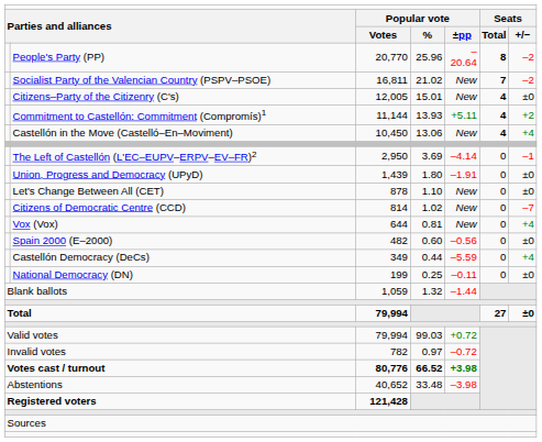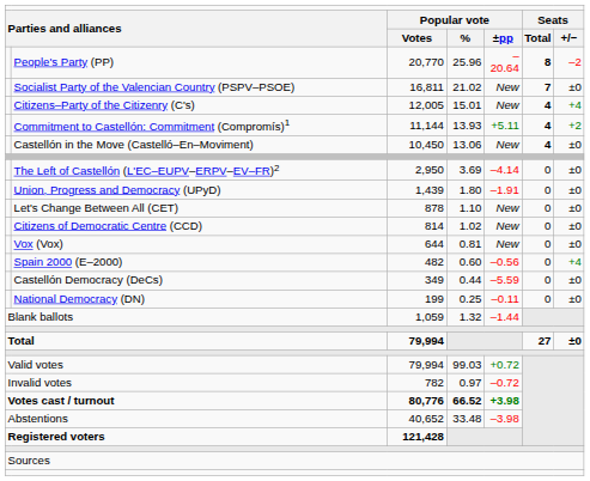 <table class="wikitable" style="text-align:right;">
 <tr>
 <td colspan="7"></td>
 </tr>
 <tr>
 <th style="text-align:left;" rowspan="2" colspan="2" width="525">Parties and alliances</th>
 <th colspan="3">Popular vote</th>
 <th colspan="2">Seats</th>
 </tr>
 <tr>
 <th width="75">Votes</th>
 <th width="45">%</th>
 <th width="45">±<a href='#'>pp</a></th>
 <th width="35">Total</th>
 <th width="35">+/−</th>
 </tr>
 <tr>
 <td width="1" style="color:inherit;background:"></td>
 <td align="left"><a href='#'>People's Party</a> (PP)</td>
 <td>20,770</td>
 <td>25.96</td>
 <td style="color:red;">–20.64</td>
 <td><strong>8</strong></td>
 <td style="color:red;">–2</td>
 </tr>
 <tr>
 <td style="color:inherit;background:"></td>
 <td align="left"><a href='#'>Socialist Party of the Valencian Country</a> (PSPV–PSOE)</td>
 <td>16,811</td>
 <td>21.02</td>
 <td><em>New</em></td>
 <td><strong>7</strong></td>
-<td style="color:red;">–2</td>
+<td>±0</td>
 </tr>
 <tr>
 <td style="color:inherit;background:"></td>
 <td align="left"><a href='#'>Citizens–Party of the Citizenry</a> (C's)</td>
 <td>12,005</td>
 <td>15.01</td>
 <td><em>New</em></td>
 <td><strong>4</strong></td>
-<td>±0</td>
+<td style="color:green;">+4</td>
 </tr>
 <tr>
 <td style="color:inherit;background:"></td>
 <td align="left"><a href='#'>Commitment to Castellón: Commitment</a> (Compromís)<sup>1</sup></td>
 <td>11,144</td>
 <td>13.93</td>
 <td style="color:green;">+5.11</td>
 <td><strong>4</strong></td>
 <td style="color:green;">+2</td>
 </tr>
 <tr>
 <td style="color:inherit;background:"></td>
 <td align="left">Castellón in the Move (Castelló–En–Moviment)</td>
 <td>10,450</td>
 <td>13.06</td>
 <td><em>New</em></td>
 <td><strong>4</strong></td>
-<td style="color:green;">+4</td>
+<td>±0</td>
 </tr>
 <tr>
 <td colspan="7" bgcolor="#C0C0C0"></td>
 </tr>
 <tr>
 <td style="color:inherit;background:"></td>
 <td align="left"><a href='#'>The Left of Castellón</a> (<a href='#'>L'EC–EUPV</a>–<a href='#'>ERPV</a>–<a href='#'>EV–FR</a>)<sup>2</sup></td>
 <td>2,950</td>
 <td>3.69</td>
 <td style="color:red;">–4.14</td>
 <td>0</td>
-<td style="color:red;">–1</td>
+<td>±0</td>
 </tr>
 <tr>
 <td style="color:inherit;background:"></td>
 <td align="left"><a href='#'>Union, Progress and Democracy</a> (UPyD)</td>
 <td>1,439</td>
 <td>1.80</td>
 <td style="color:red;">–1.91</td>
 <td>0</td>
 <td>±0</td>
 </tr>
 <tr>
 <td style="color:inherit;background:"></td>
 <td align="left">Let's Change Between All (CET)</td>
 <td>878</td>
 <td>1.10</td>
 <td><em>New</em></td>
 <td>0</td>
 <td>±0</td>
 </tr>
 <tr>
 <td style="color:inherit;background:"></td>
 <td align="left"><a href='#'>Citizens of Democratic Centre</a> (CCD)</td>
 <td>814</td>
 <td>1.02</td>
 <td><em>New</em></td>
 <td>0</td>
-<td style="color:red;">–7</td>
+<td>±0</td>
 </tr>
 <tr>
 <td style="color:inherit;background:"></td>
 <td align="left"><a href='#'>Vox</a> (Vox)</td>
 <td>644</td>
 <td>0.81</td>
 <td><em>New</em></td>
 <td>0</td>
-<td style="color:green;">+4</td>
+<td>±0</td>
 </tr>
 <tr>
 <td style="color:inherit;background:"></td>
 <td align="left"><a href='#'>Spain 2000</a> (E–2000)</td>
 <td>482</td>
 <td>0.60</td>
 <td style="color:red;">–0.56</td>
 <td>0</td>
-<td>±0</td>
+<td style="color:green;">+4</td>
 </tr>
 <tr>
 <td style="color:inherit;background:"></td>
 <td align="left">Castellón Democracy (DeCs)</td>
 <td>349</td>
 <td>0.44</td>
 <td style="color:red;">–5.59</td>
 <td>0</td>
-<td style="color:green;">+4</td>
+<td>±0</td>
 </tr>
 <tr>
 <td style="color:inherit;background:"></td>
 <td align="left"><a href='#'>National Democracy</a> (DN)</td>
 <td>199</td>
 <td>0.25</td>
 <td style="color:red;">–0.11</td>
 <td>0</td>
 <td>±0</td>
 </tr>
 <tr>
 <td align="left" colspan="2">Blank ballots</td>
 <td>1,059</td>
 <td>1.32</td>
 <td style="color:red;">–1.44</td>
 <td bgcolor="#E9E9E9" colspan="2"></td>
 </tr>
 <tr>
 <td colspan="7" bgcolor="#E9E9E9"></td>
 </tr>
 <tr style="font-weight:bold;">
 <td align="left" colspan="2">Total</td>
 <td>79,994</td>
 <td bgcolor="#E9E9E9" colspan="2"></td>
 <td>27</td>
 <td>±0</td>
 </tr>
 <tr>
 <td colspan="7" bgcolor="#E9E9E9"></td>
 </tr>
 <tr>
 <td align="left" colspan="2">Valid votes</td>
 <td>79,994</td>
 <td>99.03</td>
 <td style="color:green;">+0.72</td>
 <td bgcolor="#E9E9E9" colspan="2" rowspan="5"></td>
 </tr>
 <tr>
 <td align="left" colspan="2">Invalid votes</td>
 <td>782</td>
 <td>0.97</td>
 <td style="color:red;">–0.72</td>
 </tr>
 <tr style="font-weight:bold;">
 <td align="left" colspan="2">Votes cast / turnout</td>
 <td>80,776</td>
 <td>66.52</td>
 <td style="color:green;">+3.98</td>
 </tr>
 <tr>
 <td align="left" colspan="2">Abstentions</td>
 <td>40,652</td>
 <td>33.48</td>
 <td style="color:red;">–3.98</td>
 </tr>
 <tr style="font-weight:bold;">
 <td align="left" colspan="2">Registered voters</td>
 <td>121,428</td>
 <td bgcolor="#E9E9E9" colspan="2"></td>
 </tr>
 <tr>
 <td colspan="7" bgcolor="#E9E9E9"></td>
 </tr>
 <tr>
 <td align="left" colspan="7">Sources</td>
 </tr>
 <tr>
 <td colspan="7" style="text-align:left; max-width:790px;"></td>
 </tr>
 </table>
